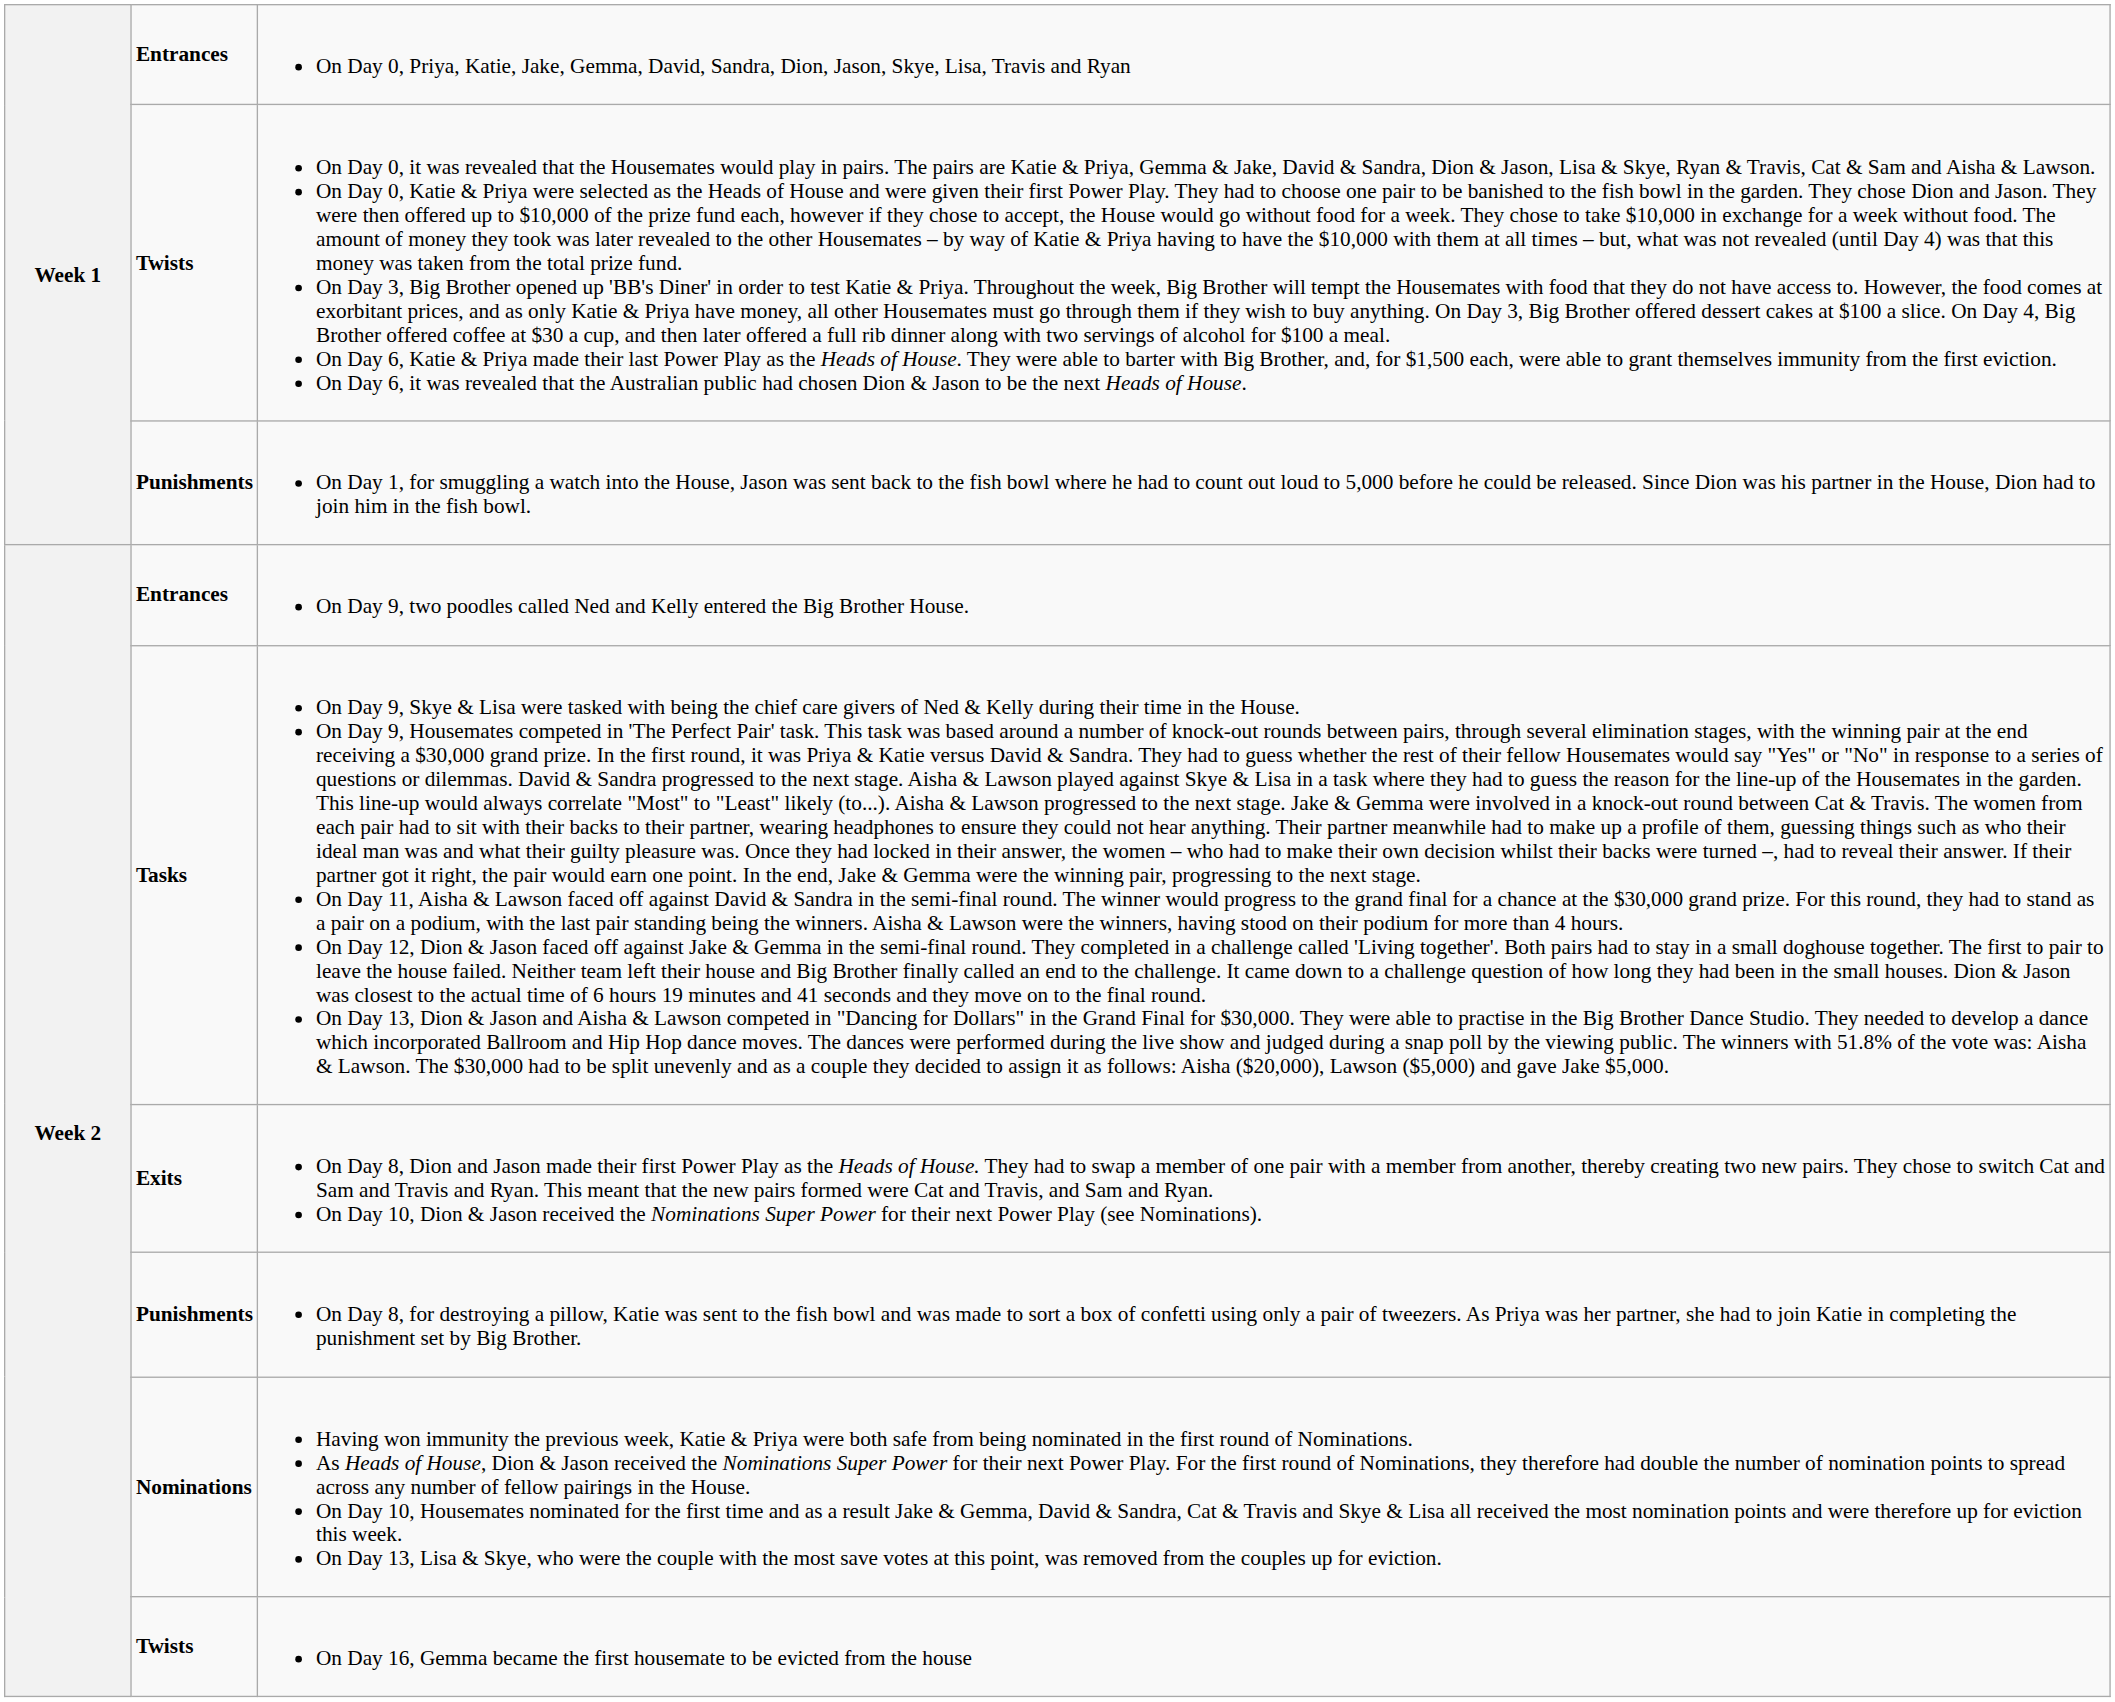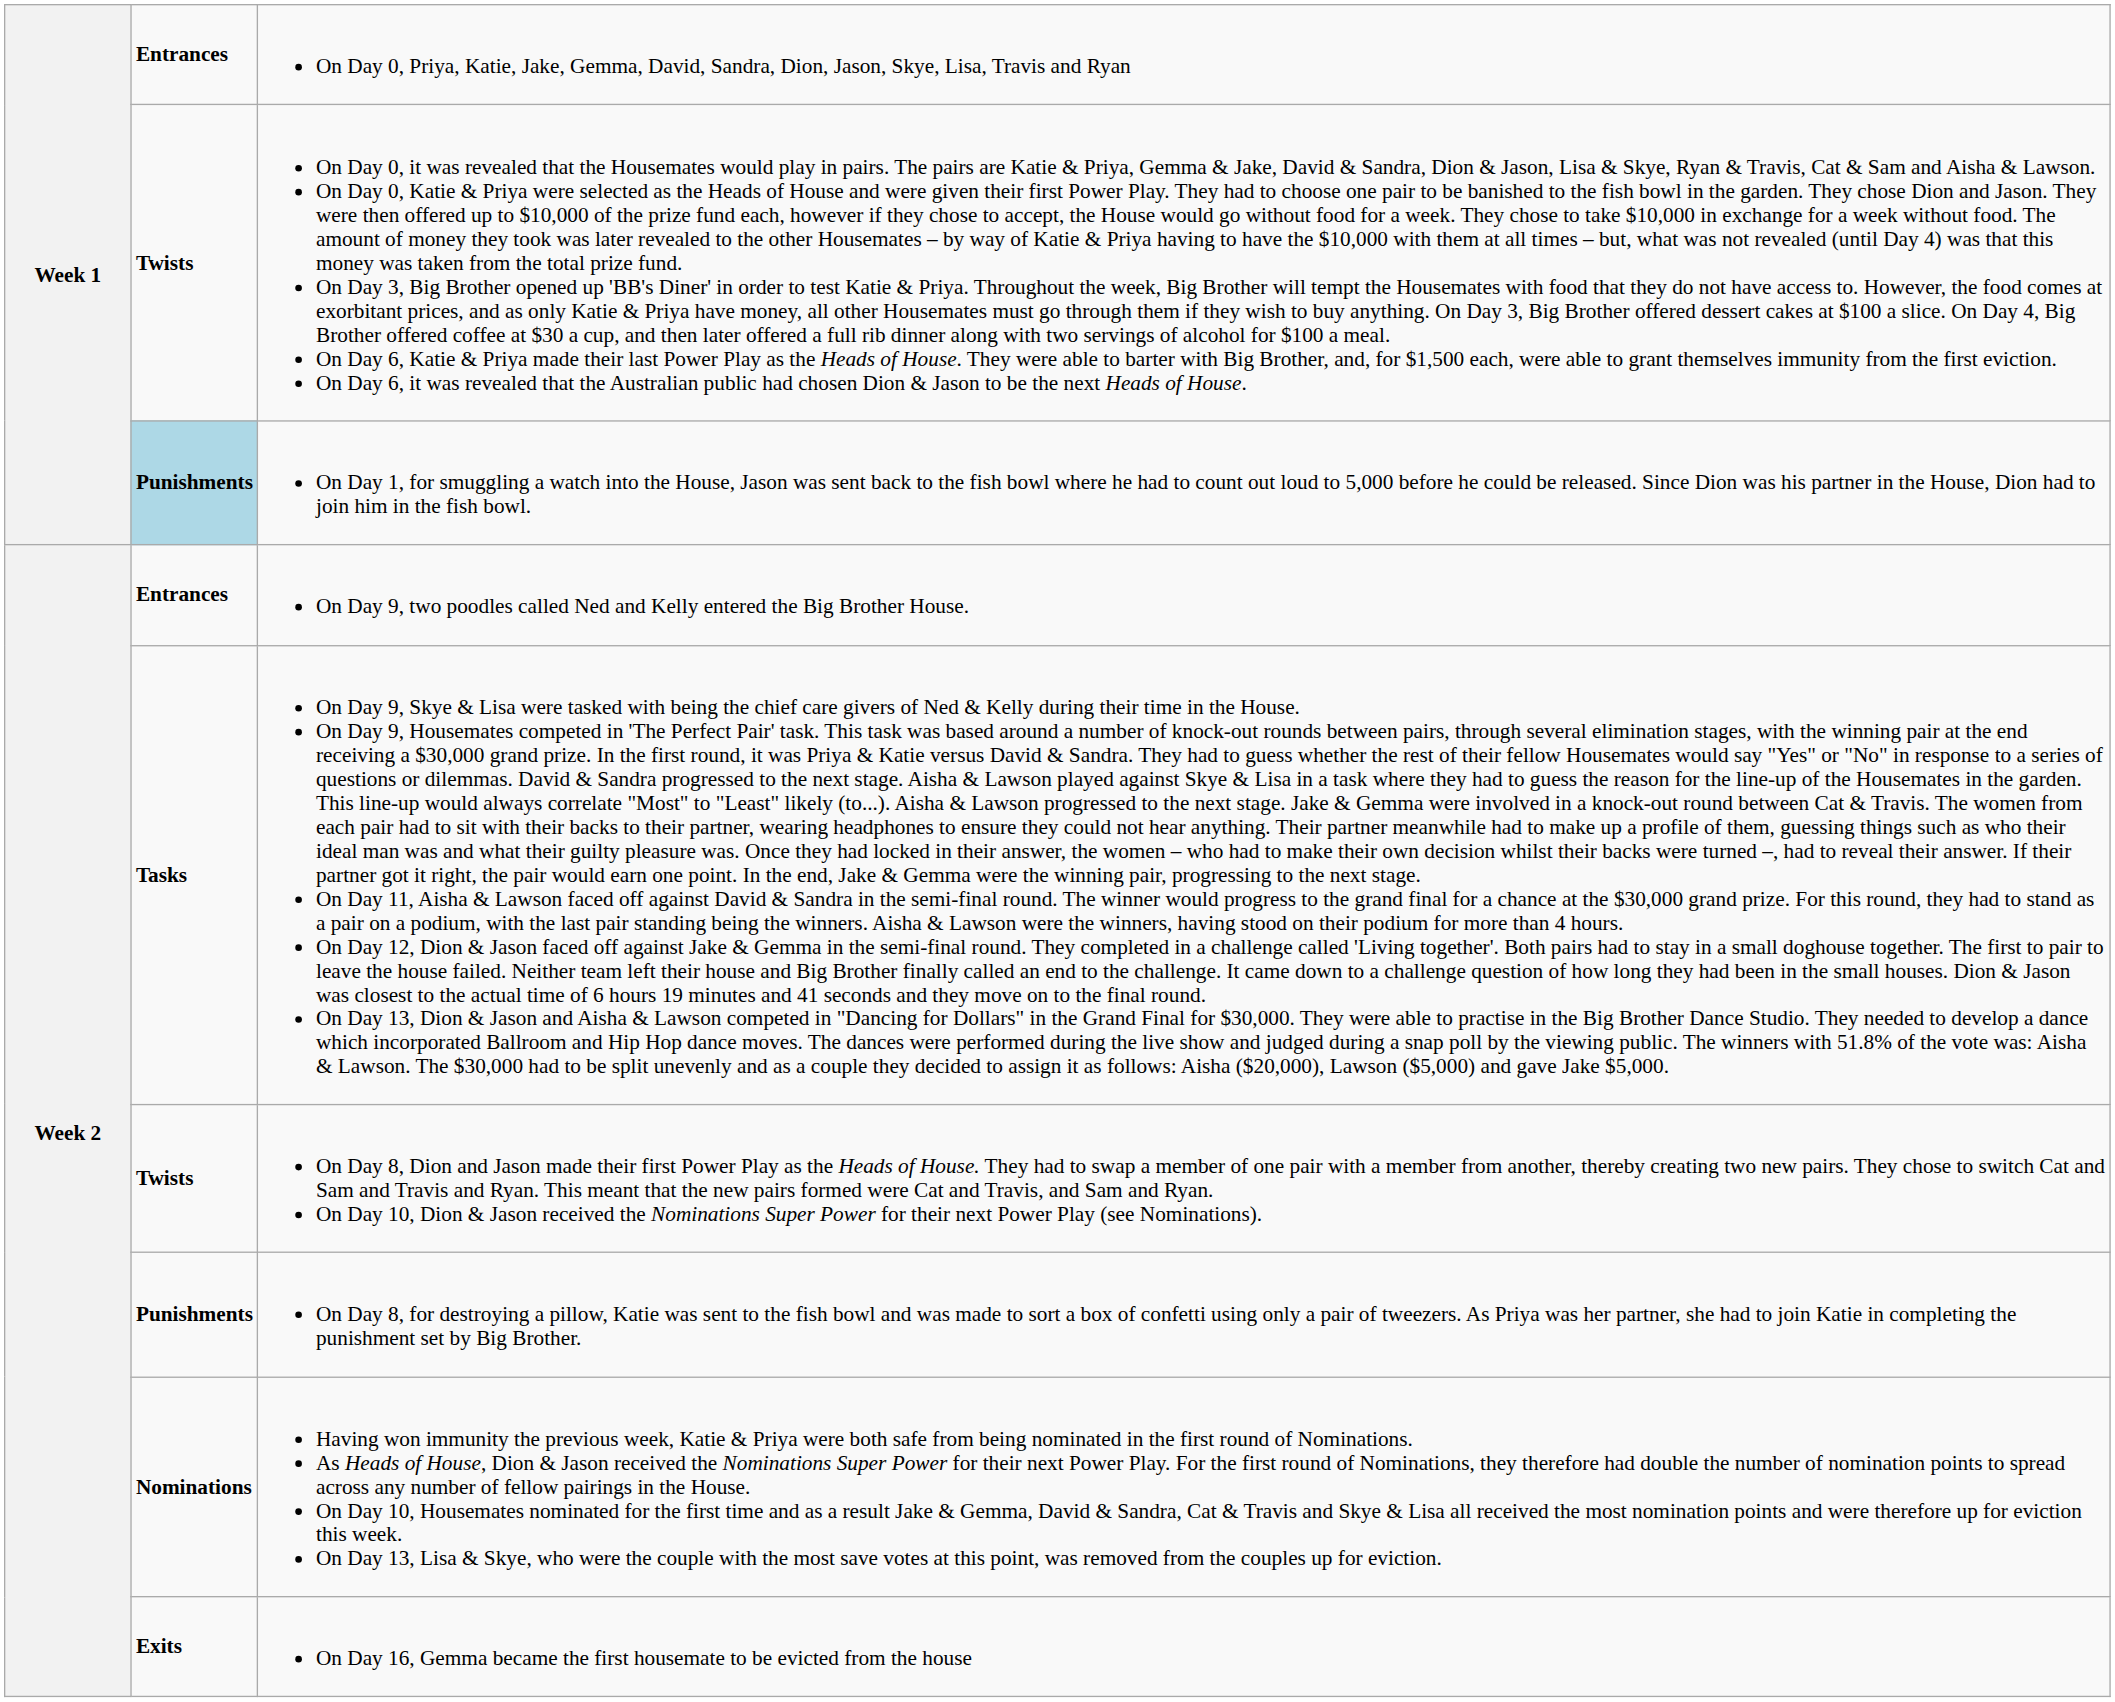 <table class="wikitable" style="width:100% margin-left: auto; margin-right: auto;">
 <tr>
 <th rowspan=3 style="width: 6%;"><strong>Week 1</strong></th>
 <td><strong>Entrances</strong></td>
 <td><br><ul><li>On Day 0, Priya, Katie, Jake, Gemma, David, Sandra, Dion, Jason, Skye, Lisa, Travis and Ryan</li></ul></td>
 </tr>
 <tr>
 <td><strong>Twists</strong></td>
 <td><br><ul><li>On Day 0, it was revealed that the Housemates would play in pairs. The pairs are Katie & Priya, Gemma & Jake, David & Sandra, Dion & Jason, Lisa & Skye, Ryan & Travis, Cat & Sam and Aisha & Lawson.</li><li>On Day 0, Katie & Priya were selected as the Heads of House and were given their first Power Play. They had to choose one pair to be banished to the fish bowl in the garden. They chose Dion and Jason. They were then offered up to $10,000 of the prize fund each, however if they chose to accept, the House would go without food for a week. They chose to take $10,000 in exchange for a week without food. The amount of money they took was later revealed to the other Housemates – by way of Katie & Priya having to have the $10,000 with them at all times – but, what was not revealed (until Day 4) was that this money was taken from the total prize fund.</li><li>On Day 3, Big Brother opened up 'BB's Diner' in order to test Katie & Priya. Throughout the week, Big Brother will tempt the Housemates with food that they do not have access to. However, the food comes at exorbitant prices, and as only Katie & Priya have money, all other Housemates must go through them if they wish to buy anything. On Day 3, Big Brother offered dessert cakes at $100 a slice. On Day 4, Big Brother offered coffee at $30 a cup, and then later offered a full rib dinner along with two servings of alcohol for $100 a meal.</li><li>On Day 6, Katie & Priya made their last Power Play as the <em>Heads of House</em>. They were able to barter with Big Brother, and, for $1,500 each, were able to grant themselves immunity from the first eviction.</li><li>On Day 6, it was revealed that the Australian public had chosen Dion & Jason to be the next <em>Heads of House</em>.</li></ul></td>
 </tr>
 <tr>
-<td><strong>Punishments</strong></td>
+<td style="background: lightblue;"><strong>Punishments</strong></td>
 <td><br><ul><li>On Day 1, for smuggling a watch into the House, Jason was sent back to the fish bowl where he had to count out loud to 5,000 before he could be released. Since Dion was his partner in the House, Dion had to join him in the fish bowl.</li></ul></td>
 </tr>
 <tr>
 <th rowspan=7 style="width: 6%;"><br><strong>Week 2</strong></th>
 <td><strong>Entrances</strong></td>
 <td><br><ul><li>On Day 9, two poodles called Ned and Kelly entered the Big Brother House.</li></ul></td>
 </tr>
 <tr>
 <td><strong>Tasks</strong></td>
 <td><br><ul><li>On Day 9, Skye & Lisa were tasked with being the chief care givers of Ned & Kelly during their time in the House.</li><li>On Day 9, Housemates competed in 'The Perfect Pair' task. This task was based around a number of knock-out rounds between pairs, through several elimination stages, with the winning pair at the end receiving a $30,000 grand prize. In the first round, it was Priya & Katie versus David & Sandra. They had to guess whether the rest of their fellow Housemates would say "Yes" or "No" in response to a series of questions or dilemmas. David & Sandra progressed to the next stage. Aisha & Lawson played against Skye & Lisa in a task where they had to guess the reason for the line-up of the Housemates in the garden. This line-up would always correlate "Most" to "Least" likely (to...). Aisha & Lawson progressed to the next stage. Jake & Gemma were involved in a knock-out round between Cat & Travis. The women from each pair had to sit with their backs to their partner, wearing headphones to ensure they could not hear anything. Their partner meanwhile had to make up a profile of them, guessing things such as who their ideal man was and what their guilty pleasure was. Once they had locked in their answer, the women – who had to make their own decision whilst their backs were turned –, had to reveal their answer. If their partner got it right, the pair would earn one point. In the end, Jake & Gemma were the winning pair, progressing to the next stage.</li><li>On Day 11, Aisha & Lawson faced off against David & Sandra in the semi-final round. The winner would progress to the grand final for a chance at the $30,000 grand prize. For this round, they had to stand as a pair on a podium, with the last pair standing being the winners. Aisha & Lawson were the winners, having stood on their podium for more than 4 hours.</li><li>On Day 12, Dion & Jason  faced off against Jake & Gemma in the semi-final round.  They completed in a challenge called 'Living together'.  Both pairs had to stay in a small doghouse together.  The first to pair to leave the house failed.  Neither team left their house and Big Brother finally called an end to the challenge.  It came down to a challenge question of how long they had been in the small houses.  Dion & Jason was closest to the actual time of 6 hours 19 minutes and 41 seconds and they move on to the final round.</li><li>On Day 13, Dion & Jason and Aisha & Lawson competed in "Dancing for Dollars" in the Grand Final for $30,000.  They were able to practise in the Big Brother Dance Studio.  They needed to develop a dance which incorporated Ballroom and Hip Hop dance moves.  The dances were performed during the live show and judged during a snap poll by the viewing public.   The winners with 51.8% of the vote was: Aisha & Lawson.  The $30,000 had to be split unevenly and as a couple they decided to assign it as follows:  Aisha ($20,000), Lawson ($5,000) and gave Jake $5,000.</li></ul></td>
 </tr>
 <tr>
-<td><strong>Exits</strong></td>
+<td><strong>Twists</strong></td>
 <td><br><ul><li>On Day 8, Dion and Jason made their first Power Play as the <em>Heads of House.</em> They had to swap a member of one pair with a member from another, thereby creating two new pairs. They chose to switch Cat and Sam and Travis and Ryan. This meant that the new pairs formed were Cat and Travis, and Sam and Ryan.</li><li>On Day 10, Dion & Jason received the <em>Nominations Super Power</em> for their next Power Play (see Nominations).</li></ul></td>
 </tr>
 <tr>
 <td><strong>Punishments</strong></td>
 <td><br><ul><li>On Day 8, for destroying a pillow, Katie was sent to the fish bowl and was made to sort a box of confetti using only a pair of tweezers. As Priya was her partner, she had to join Katie in completing the punishment set by Big Brother.</li></ul></td>
 </tr>
 <tr>
 <td><strong>Nominations</strong></td>
 <td><br><ul><li>Having won immunity the previous week, Katie & Priya were both safe from being nominated in the first round of Nominations.</li><li>As <em>Heads of House</em>, Dion & Jason received the <em>Nominations Super Power</em> for their next  Power Play. For the first round of Nominations, they therefore had double the number of nomination points to spread across any number of fellow pairings in the House.</li><li>On Day 10, Housemates nominated for the first time and as a result Jake & Gemma, David & Sandra, Cat & Travis and Skye & Lisa all received the most nomination points and were therefore up for eviction this week.</li><li>On Day 13, Lisa & Skye, who were the couple with the most save votes at this point, was removed from the couples up for eviction.</li></ul></td>
 </tr>
 <tr>
-<td><strong>Twists</strong></td>
+<td><strong>Exits</strong></td>
 <td><br><ul><li>On Day 16, Gemma became the first housemate to be evicted from the house</li></ul></td>
 </tr>
 </table>
